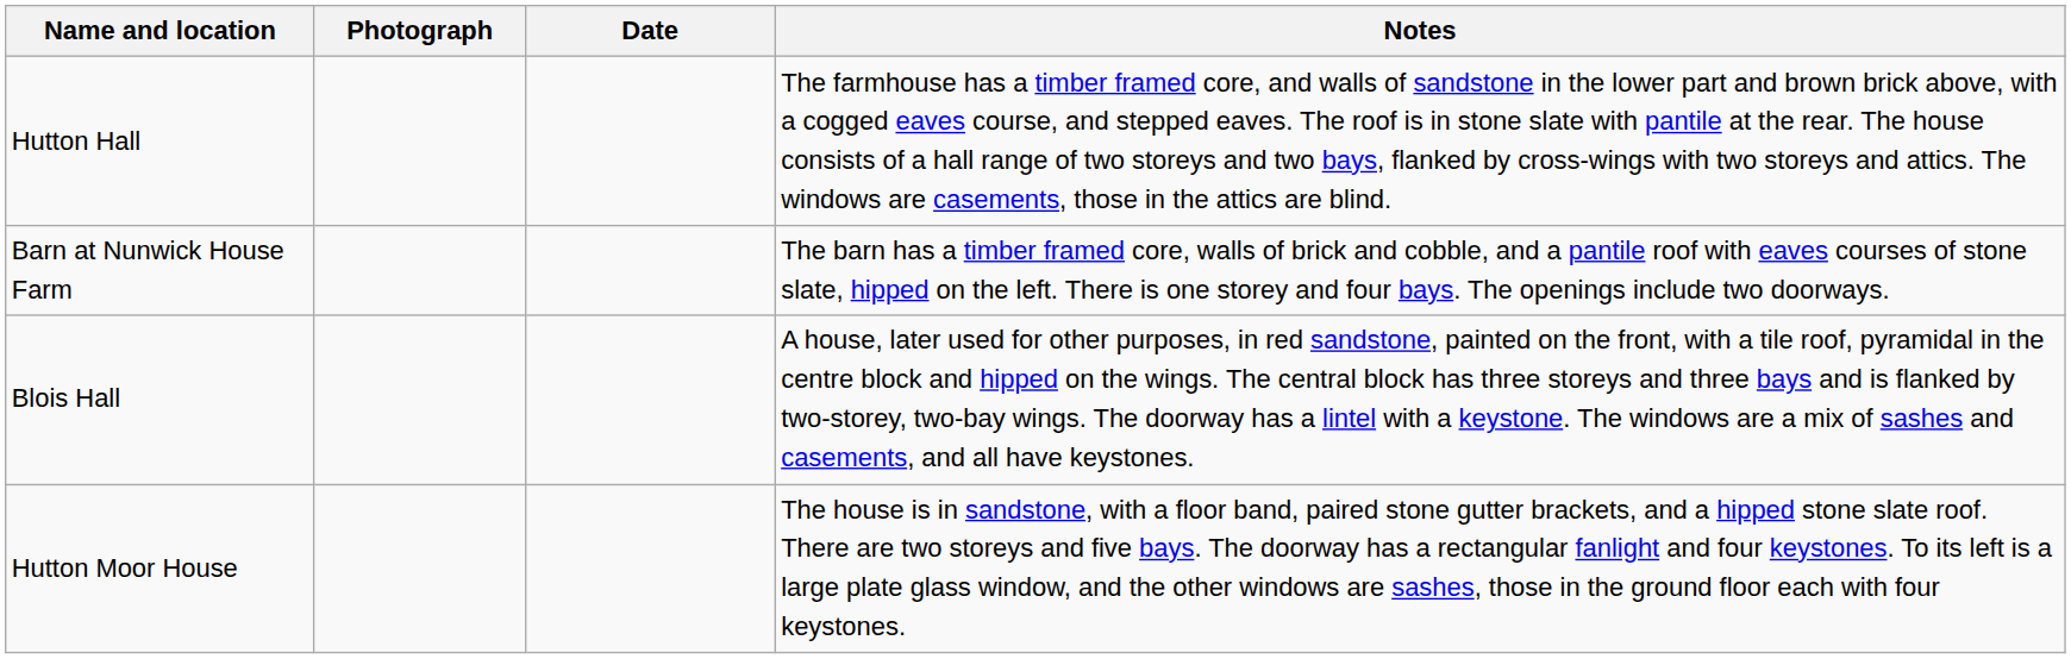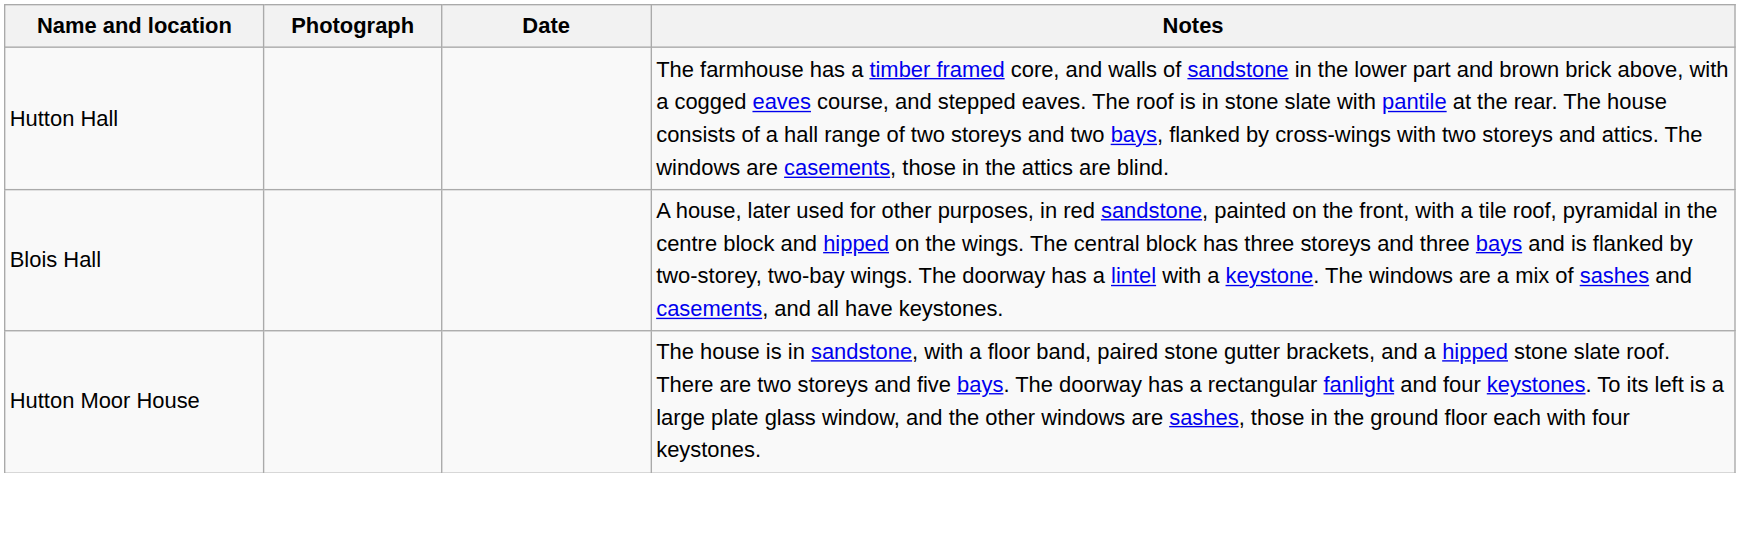 <table class="wikitable sortable plainrowheaders" style="width:100%;border:0px;text-align:left;line-height:150%;">
 <tr>
 <th scope="col"  style="width:150px">Name and location</th>
 <th scope="col"  style="width:100px" class="unsortable">Photograph</th>
 <th scope="col"  style="width:120px">Date</th>
 <th scope="col"  style="width:650px" class="unsortable">Notes</th>
 </tr>
 <tr>
 <td>Hutton Hall<br><small></small></td>
 <td></td>
 <td align="center"></td>
 <td>The farmhouse has a <a href='#'>timber framed</a> core, and walls of <a href='#'>sandstone</a> in the lower part and brown brick above, with a cogged <a href='#'>eaves</a> course, and stepped eaves. The roof is in stone slate with <a href='#'>pantile</a> at the rear.  The house consists of a hall range of two storeys and two <a href='#'>bays</a>, flanked by cross-wings with two storeys and attics. The windows are <a href='#'>casements</a>, those in the attics are blind.</td>
-</tr>
-<tr>
-<td>Barn at Nunwick House Farm<br><small></small></td>
-<td></td>
-<td align="center"></td>
-<td>The barn has a <a href='#'>timber framed</a> core, walls of brick and cobble, and a <a href='#'>pantile</a> roof with <a href='#'>eaves</a> courses of stone slate, <a href='#'>hipped</a> on the left. There is one storey and four <a href='#'>bays</a>. The openings include two doorways.</td>
 </tr>
 <tr>
 <td>Blois Hall<br><small></small></td>
 <td></td>
 <td align="center"></td>
 <td>A house, later used for other purposes, in red <a href='#'>sandstone</a>, painted on the front, with a tile roof, pyramidal in the centre block and <a href='#'>hipped</a> on the wings. The central block has three storeys and three <a href='#'>bays</a> and is flanked by two-storey, two-bay wings. The doorway has a <a href='#'>lintel</a> with a <a href='#'>keystone</a>. The windows are a mix of <a href='#'>sashes</a> and <a href='#'>casements</a>, and all have keystones.</td>
 </tr>
 <tr>
 <td>Hutton Moor House<br><small></small></td>
 <td></td>
 <td align="center"></td>
 <td>The house is in <a href='#'>sandstone</a>, with a floor band, paired stone gutter brackets, and a <a href='#'>hipped</a> stone slate roof. There are two storeys and five <a href='#'>bays</a>. The doorway has a rectangular <a href='#'>fanlight</a> and four <a href='#'>keystones</a>. To its left is a large plate glass window, and the other windows are <a href='#'>sashes</a>, those in the ground floor each with four keystones.</td>
 </tr>
 <tr>
 </tr>
 </table>
